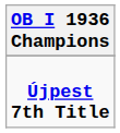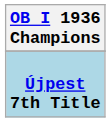 <table class="wikitable" style="text-align: center; margin: 0 auto;">
 <tr>
 <th><a href='#'>OB I</a> 1936<br>Champions</th>
 </tr>
 <tr>
 </tr>
 <tr>
-<td> <br><strong><a href='#'>Újpest</a></strong><br><strong>7th Title</strong></td>
+<td style="background: lightblue;"> <br><strong><a href='#'>Újpest</a></strong><br><strong>7th Title</strong></td>
 </tr>
 </table>
